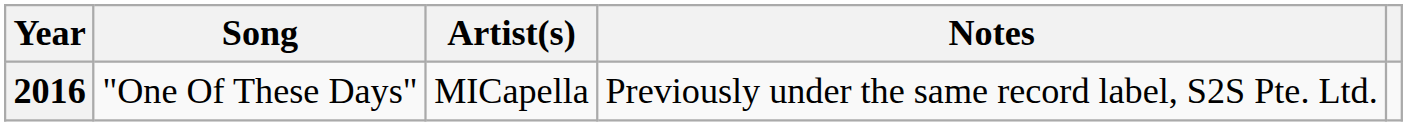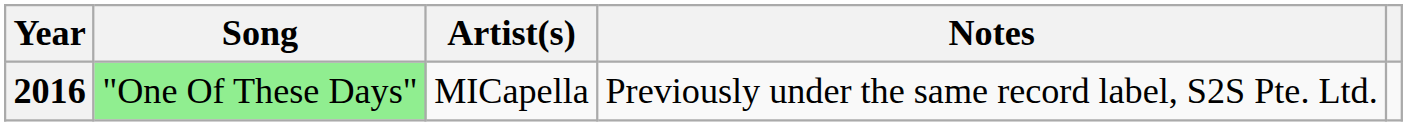 <table class="wikitable plainrowheaders" style="text-align:center;">
 <tr>
 <th scope="col">Year</th>
 <th scope="col">Song</th>
 <th scope="col">Artist(s)</th>
 <th scope="col" class="unsortable">Notes</th>
 <th scope="col" class="unsortable"></th>
 </tr>
 <tr>
 <th scope="row">2016</th>
-<td>"One Of These Days"</td>
+<td style="background: lightgreen;">"One Of These Days"</td>
 <td>MICapella</td>
 <td>Previously under the same record label, S2S Pte. Ltd.</td>
 </tr>
 </table>
